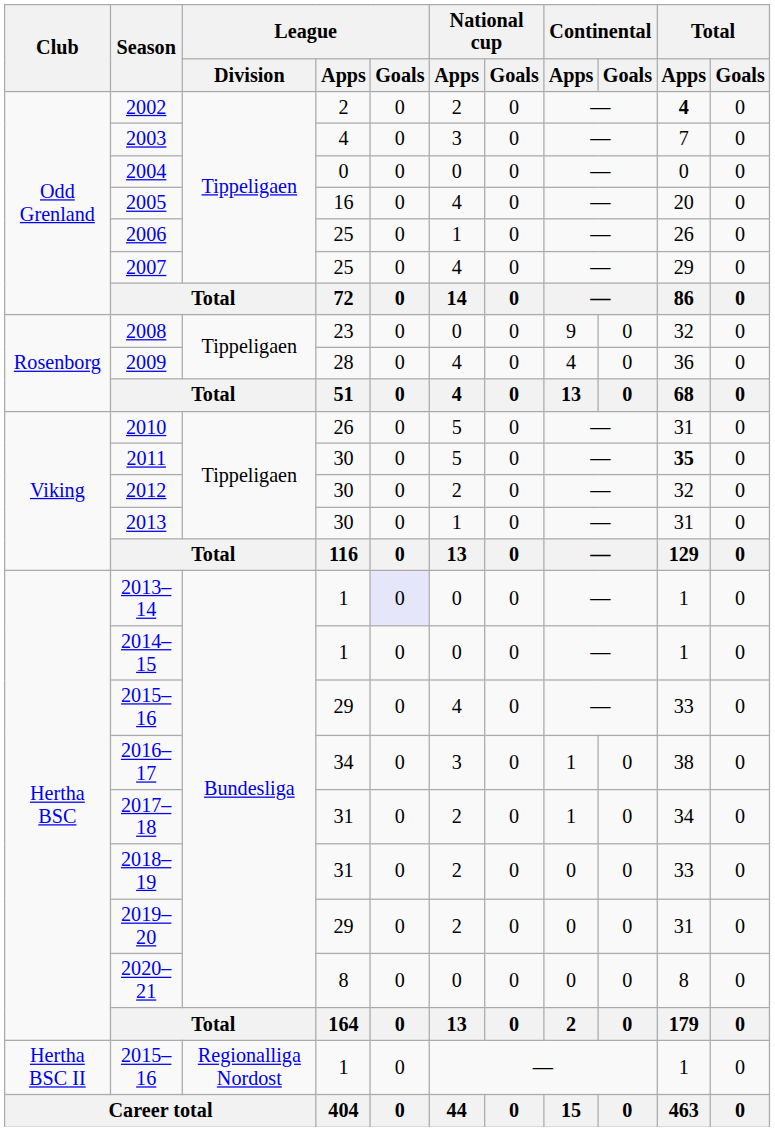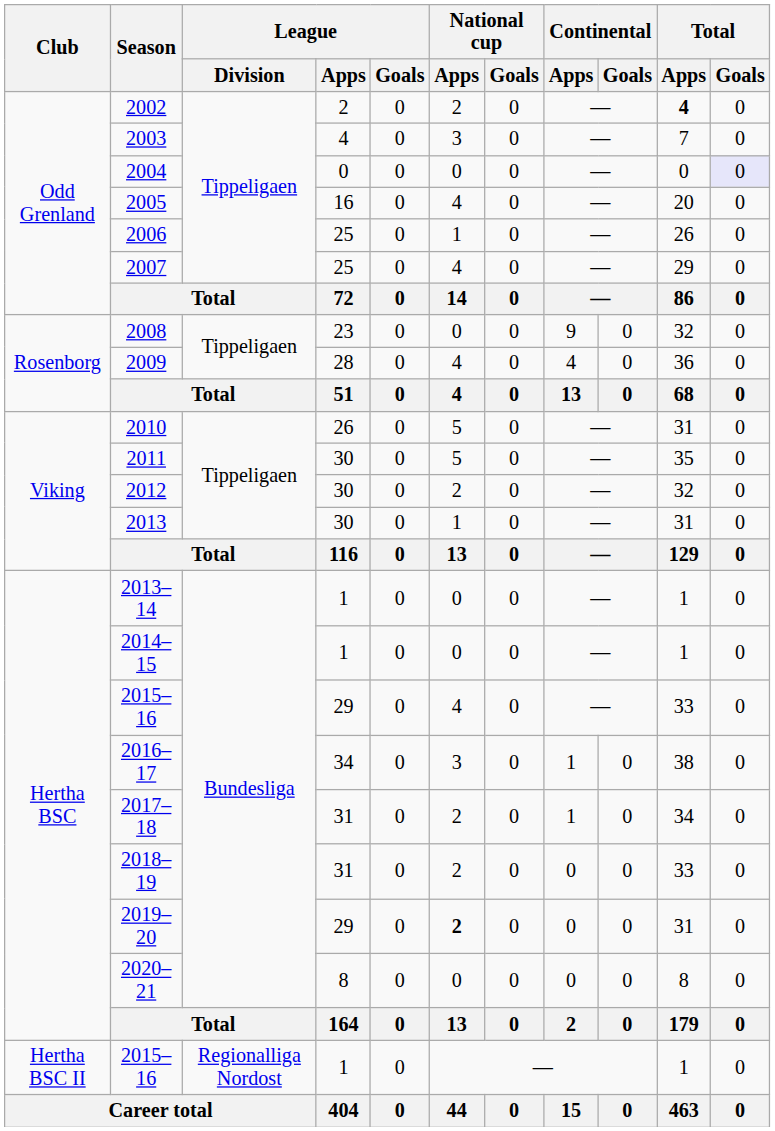 <table class="wikitable" style="text-align:center">
 <tr>
 <th rowspan="2">Club</th>
 <th rowspan="2">Season</th>
 <th colspan="3">League</th>
 <th colspan="2">National cup</th>
 <th colspan="2">Continental</th>
 <th colspan="2">Total</th>
 </tr>
 <tr>
 <th>Division</th>
 <th>Apps</th>
 <th>Goals</th>
 <th>Apps</th>
 <th>Goals</th>
 <th>Apps</th>
 <th>Goals</th>
 <th>Apps</th>
 <th>Goals</th>
 </tr>
 <tr>
 <td rowspan="7"><a href='#'>Odd Grenland</a></td>
 <td><a href='#'>2002</a></td>
 <td rowspan="6"><a href='#'>Tippeligaen</a></td>
 <td>2</td>
 <td>0</td>
 <td>2</td>
 <td>0</td>
 <td colspan="2">—</td>
 <td><strong>4</strong></td>
 <td>0</td>
 </tr>
 <tr>
 <td><a href='#'>2003</a></td>
 <td>4</td>
 <td>0</td>
 <td>3</td>
 <td>0</td>
 <td colspan="2">—</td>
 <td>7</td>
 <td>0</td>
 </tr>
 <tr>
 <td><a href='#'>2004</a></td>
 <td>0</td>
 <td>0</td>
 <td>0</td>
 <td>0</td>
 <td colspan="2">—</td>
 <td>0</td>
-<td>0</td>
+<td style="background: lavender;">0</td>
 </tr>
 <tr>
 <td><a href='#'>2005</a></td>
 <td>16</td>
 <td>0</td>
 <td>4</td>
 <td>0</td>
 <td colspan="2">—</td>
 <td>20</td>
 <td>0</td>
 </tr>
 <tr>
 <td><a href='#'>2006</a></td>
 <td>25</td>
 <td>0</td>
 <td>1</td>
 <td>0</td>
 <td colspan="2">—</td>
 <td>26</td>
 <td>0</td>
 </tr>
 <tr>
 <td><a href='#'>2007</a></td>
 <td>25</td>
 <td>0</td>
 <td>4</td>
 <td>0</td>
 <td colspan="2">—</td>
 <td>29</td>
 <td>0</td>
 </tr>
 <tr>
 <th colspan="2">Total</th>
 <th>72</th>
 <th>0</th>
 <th>14</th>
 <th>0</th>
 <th colspan="2">—</th>
 <th>86</th>
 <th>0</th>
 </tr>
 <tr>
 <td rowspan="3"><a href='#'>Rosenborg</a></td>
 <td><a href='#'>2008</a></td>
 <td rowspan="2">Tippeligaen</td>
 <td>23</td>
 <td>0</td>
 <td>0</td>
 <td>0</td>
 <td>9</td>
 <td>0</td>
 <td>32</td>
 <td>0</td>
 </tr>
 <tr>
 <td><a href='#'>2009</a></td>
 <td>28</td>
 <td>0</td>
 <td>4</td>
 <td>0</td>
 <td>4</td>
 <td>0</td>
 <td>36</td>
 <td>0</td>
 </tr>
 <tr>
 <th colspan="2">Total</th>
 <th>51</th>
 <th>0</th>
 <th>4</th>
 <th>0</th>
 <th>13</th>
 <th>0</th>
 <th>68</th>
 <th>0</th>
 </tr>
 <tr>
 <td rowspan="5"><a href='#'>Viking</a></td>
 <td><a href='#'>2010</a></td>
 <td rowspan="4">Tippeligaen</td>
 <td>26</td>
 <td>0</td>
 <td>5</td>
 <td>0</td>
 <td colspan="2">—</td>
 <td>31</td>
 <td>0</td>
 </tr>
 <tr>
 <td><a href='#'>2011</a></td>
 <td>30</td>
 <td>0</td>
 <td>5</td>
 <td>0</td>
 <td colspan="2">—</td>
-<td><strong>35</strong></td>
+<td>35</td>
 <td>0</td>
 </tr>
 <tr>
 <td><a href='#'>2012</a></td>
 <td>30</td>
 <td>0</td>
 <td>2</td>
 <td>0</td>
 <td colspan="2">—</td>
 <td>32</td>
 <td>0</td>
 </tr>
 <tr>
 <td><a href='#'>2013</a></td>
 <td>30</td>
 <td>0</td>
 <td>1</td>
 <td>0</td>
 <td colspan="2">—</td>
 <td>31</td>
 <td>0</td>
 </tr>
 <tr>
 <th colspan="2">Total</th>
 <th>116</th>
 <th>0</th>
 <th>13</th>
 <th>0</th>
 <th colspan="2">—</th>
 <th>129</th>
 <th>0</th>
 </tr>
 <tr>
 <td rowspan="9"><a href='#'>Hertha BSC</a></td>
 <td><a href='#'>2013–14</a></td>
 <td rowspan="8"><a href='#'>Bundesliga</a></td>
 <td>1</td>
-<td style="background: lavender;">0</td>
+<td>0</td>
 <td>0</td>
 <td>0</td>
 <td colspan="2">—</td>
 <td>1</td>
 <td>0</td>
 </tr>
 <tr>
 <td><a href='#'>2014–15</a></td>
 <td>1</td>
 <td>0</td>
 <td>0</td>
 <td>0</td>
 <td colspan="2">—</td>
 <td>1</td>
 <td>0</td>
 </tr>
 <tr>
 <td><a href='#'>2015–16</a></td>
 <td>29</td>
 <td>0</td>
 <td>4</td>
 <td>0</td>
 <td colspan="2">—</td>
 <td>33</td>
 <td>0</td>
 </tr>
 <tr>
 <td><a href='#'>2016–17</a></td>
 <td>34</td>
 <td>0</td>
 <td>3</td>
 <td>0</td>
 <td>1</td>
 <td>0</td>
 <td>38</td>
 <td>0</td>
 </tr>
 <tr>
 <td><a href='#'>2017–18</a></td>
 <td>31</td>
 <td>0</td>
 <td>2</td>
 <td>0</td>
 <td>1</td>
 <td>0</td>
 <td>34</td>
 <td>0</td>
 </tr>
 <tr>
 <td><a href='#'>2018–19</a></td>
 <td>31</td>
 <td>0</td>
 <td>2</td>
 <td>0</td>
 <td>0</td>
 <td>0</td>
 <td>33</td>
 <td>0</td>
 </tr>
 <tr>
 <td><a href='#'>2019–20</a></td>
 <td>29</td>
 <td>0</td>
-<td>2</td>
+<td><strong>2</strong></td>
 <td>0</td>
 <td>0</td>
 <td>0</td>
 <td>31</td>
 <td>0</td>
 </tr>
 <tr>
 <td><a href='#'>2020–21</a></td>
 <td>8</td>
 <td>0</td>
 <td>0</td>
 <td>0</td>
 <td>0</td>
 <td>0</td>
 <td>8</td>
 <td>0</td>
 </tr>
 <tr>
 <th colspan="2">Total</th>
 <th>164</th>
 <th>0</th>
 <th>13</th>
 <th>0</th>
 <th>2</th>
 <th>0</th>
 <th>179</th>
 <th>0</th>
 </tr>
 <tr>
 <td><a href='#'>Hertha BSC II</a></td>
 <td><a href='#'>2015–16</a></td>
 <td><a href='#'>Regionalliga Nordost</a></td>
 <td>1</td>
 <td>0</td>
 <td colspan="4">—</td>
 <td>1</td>
 <td>0</td>
 </tr>
 <tr>
 <th colspan="3">Career total</th>
 <th>404</th>
 <th>0</th>
 <th>44</th>
 <th>0</th>
 <th>15</th>
 <th>0</th>
 <th>463</th>
 <th>0</th>
 </tr>
 </table>
